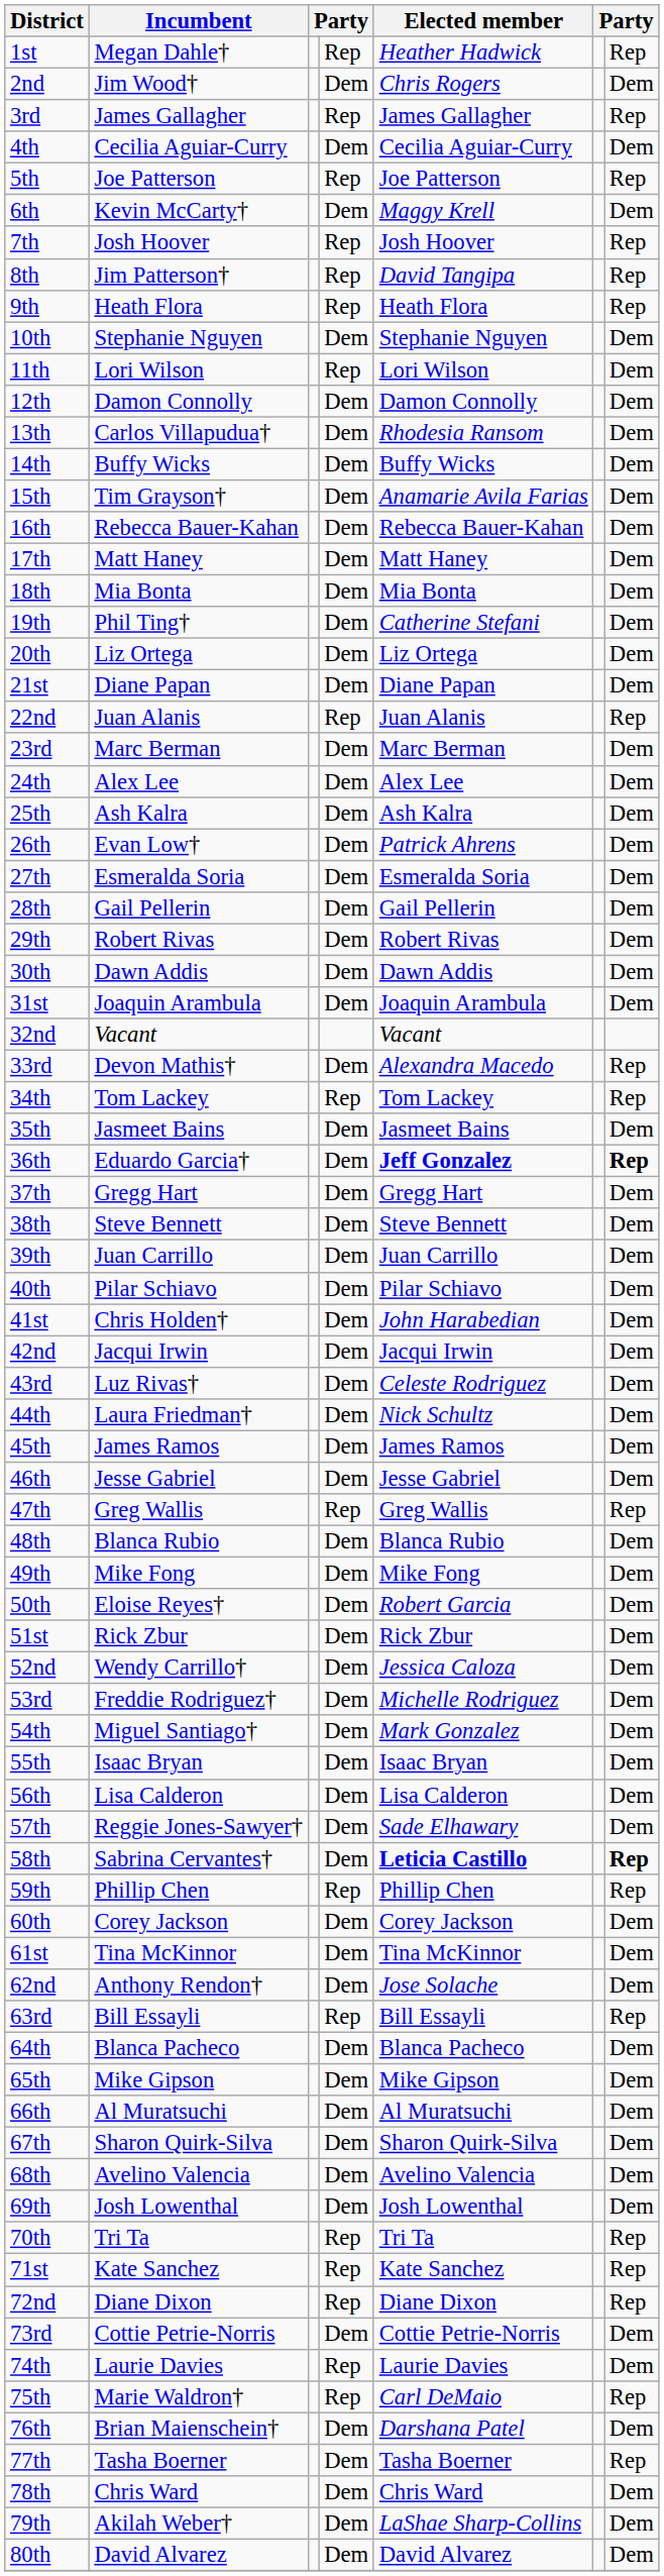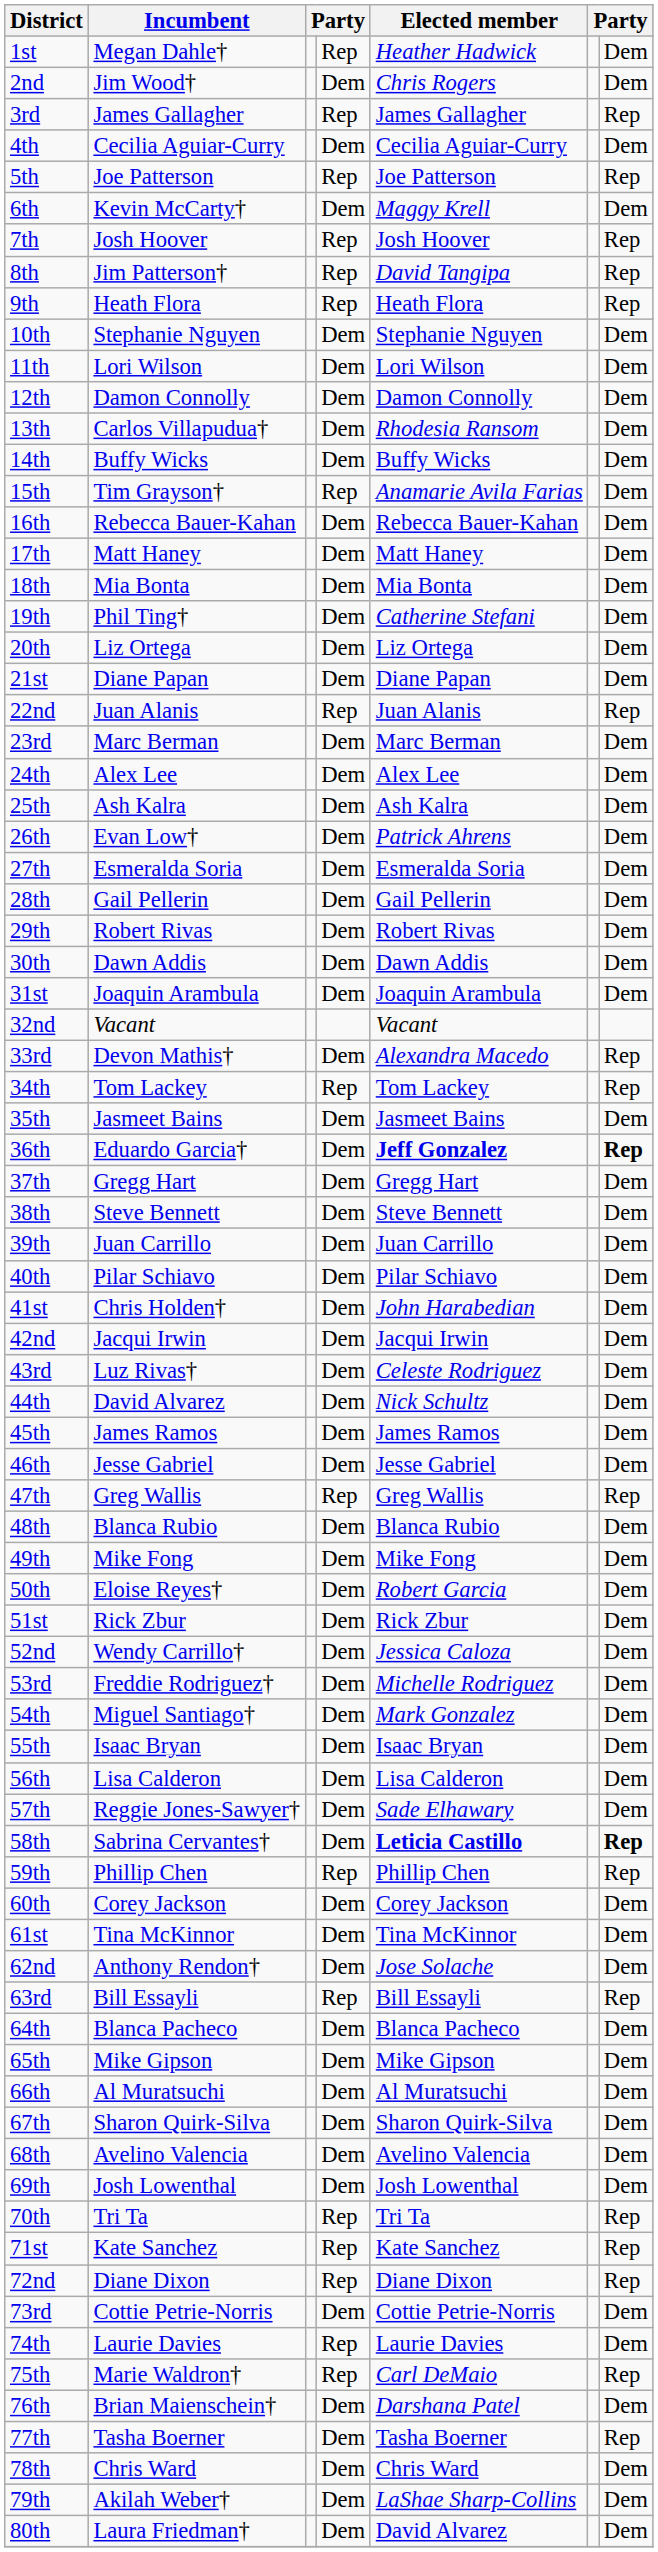 <table class="sortable wikitable" style="font-size:95%;line-height:14px;">
 <tr>
 <th>District</th>
 <th class="unsortable"><a href='#'>Incumbent</a></th>
 <th colspan="2">Party</th>
 <th class="unsortable">Elected member</th>
 <th colspan="2">Party</th>
 </tr>
 <tr>
 <td><a href='#'>1st</a></td>
 <td><a href='#'>Megan Dahle</a>†</td>
 <td style="background:"></td>
 <td>Rep</td>
 <td><em><a href='#'>Heather Hadwick</a></em></td>
 <td style="background:"></td>
-<td>Rep</td>
+<td>Dem</td>
 </tr>
 <tr>
 <td><a href='#'>2nd</a></td>
 <td><a href='#'>Jim Wood</a>†</td>
 <td style="background:"></td>
 <td>Dem</td>
 <td><em><a href='#'>Chris Rogers</a></em></td>
 <td style="background:"></td>
 <td>Dem</td>
 </tr>
 <tr>
 <td><a href='#'>3rd</a></td>
 <td><a href='#'>James Gallagher</a></td>
 <td style="background:"></td>
 <td>Rep</td>
 <td><a href='#'>James Gallagher</a></td>
 <td style="background:"></td>
 <td>Rep</td>
 </tr>
 <tr>
 <td><a href='#'>4th</a></td>
 <td><a href='#'>Cecilia Aguiar-Curry</a></td>
 <td style="background:"></td>
 <td>Dem</td>
 <td><a href='#'>Cecilia Aguiar-Curry</a></td>
 <td style="background:"></td>
 <td>Dem</td>
 </tr>
 <tr>
 <td><a href='#'>5th</a></td>
 <td><a href='#'>Joe Patterson</a></td>
 <td style="background:"></td>
 <td>Rep</td>
 <td><a href='#'>Joe Patterson</a></td>
 <td style="background:"></td>
 <td>Rep</td>
 </tr>
 <tr>
 <td><a href='#'>6th</a></td>
 <td><a href='#'>Kevin McCarty</a>†</td>
 <td style="background:"></td>
 <td>Dem</td>
 <td><em><a href='#'>Maggy Krell</a></em></td>
 <td style="background:"></td>
 <td>Dem</td>
 </tr>
 <tr>
 <td><a href='#'>7th</a></td>
 <td><a href='#'>Josh Hoover</a></td>
 <td style="background:"></td>
 <td>Rep</td>
 <td><a href='#'>Josh Hoover</a></td>
 <td style="background:"></td>
 <td>Rep</td>
 </tr>
 <tr>
 <td><a href='#'>8th</a></td>
 <td><a href='#'>Jim Patterson</a>†</td>
 <td style="background:"></td>
 <td>Rep</td>
 <td><em><a href='#'>David Tangipa</a></em></td>
 <td style="background:"></td>
 <td>Rep</td>
 </tr>
 <tr>
 <td><a href='#'>9th</a></td>
 <td><a href='#'>Heath Flora</a></td>
 <td style="background:"></td>
 <td>Rep</td>
 <td><a href='#'>Heath Flora</a></td>
 <td style="background:"></td>
 <td>Rep</td>
 </tr>
 <tr>
 <td><a href='#'>10th</a></td>
 <td><a href='#'>Stephanie Nguyen</a></td>
 <td style="background:"></td>
 <td>Dem</td>
 <td><a href='#'>Stephanie Nguyen</a></td>
 <td style="background:"></td>
 <td>Dem</td>
 </tr>
 <tr>
 <td><a href='#'>11th</a></td>
 <td><a href='#'>Lori Wilson</a></td>
 <td style="background:"></td>
-<td>Rep</td>
+<td>Dem</td>
 <td><a href='#'>Lori Wilson</a></td>
 <td style="background:"></td>
 <td>Dem</td>
 </tr>
 <tr>
 <td><a href='#'>12th</a></td>
 <td><a href='#'>Damon Connolly</a></td>
 <td style="background:"></td>
 <td>Dem</td>
 <td><a href='#'>Damon Connolly</a></td>
 <td style="background:"></td>
 <td>Dem</td>
 </tr>
 <tr>
 <td><a href='#'>13th</a></td>
 <td><a href='#'>Carlos Villapudua</a>†</td>
 <td style="background:"></td>
 <td>Dem</td>
 <td><em><a href='#'>Rhodesia Ransom</a></em></td>
 <td style="background:"></td>
 <td>Dem</td>
 </tr>
 <tr>
 <td><a href='#'>14th</a></td>
 <td><a href='#'>Buffy Wicks</a></td>
 <td style="background:"></td>
 <td>Dem</td>
 <td><a href='#'>Buffy Wicks</a></td>
 <td style="background:"></td>
 <td>Dem</td>
 </tr>
 <tr>
 <td><a href='#'>15th</a></td>
 <td><a href='#'>Tim Grayson</a>†</td>
 <td style="background:"></td>
-<td>Dem</td>
+<td>Rep</td>
 <td><em><a href='#'>Anamarie Avila Farias</a></em></td>
 <td style="background:"></td>
 <td>Dem</td>
 </tr>
 <tr>
 <td><a href='#'>16th</a></td>
 <td><a href='#'>Rebecca Bauer-Kahan</a></td>
 <td style="background:"></td>
 <td>Dem</td>
 <td><a href='#'>Rebecca Bauer-Kahan</a></td>
 <td style="background:"></td>
 <td>Dem</td>
 </tr>
 <tr>
 <td><a href='#'>17th</a></td>
 <td><a href='#'>Matt Haney</a></td>
 <td style="background:"></td>
 <td>Dem</td>
 <td><a href='#'>Matt Haney</a></td>
 <td style="background:"></td>
 <td>Dem</td>
 </tr>
 <tr>
 <td><a href='#'>18th</a></td>
 <td><a href='#'>Mia Bonta</a></td>
 <td style="background:"></td>
 <td>Dem</td>
 <td><a href='#'>Mia Bonta</a></td>
 <td style="background:"></td>
 <td>Dem</td>
 </tr>
 <tr>
 <td><a href='#'>19th</a></td>
 <td><a href='#'>Phil Ting</a>†</td>
 <td style="background:"></td>
 <td>Dem</td>
 <td><em><a href='#'>Catherine Stefani</a></em></td>
 <td style="background:"></td>
 <td>Dem</td>
 </tr>
 <tr>
 <td><a href='#'>20th</a></td>
 <td><a href='#'>Liz Ortega</a></td>
 <td style="background:"></td>
 <td>Dem</td>
 <td><a href='#'>Liz Ortega</a></td>
 <td style="background:"></td>
 <td>Dem</td>
 </tr>
 <tr>
 <td><a href='#'>21st</a></td>
 <td><a href='#'>Diane Papan</a></td>
 <td style="background:"></td>
 <td>Dem</td>
 <td><a href='#'>Diane Papan</a></td>
 <td style="background:"></td>
 <td>Dem</td>
 </tr>
 <tr>
 <td><a href='#'>22nd</a></td>
 <td><a href='#'>Juan Alanis</a></td>
 <td style="background:"></td>
 <td>Rep</td>
 <td><a href='#'>Juan Alanis</a></td>
 <td style="background:"></td>
 <td>Rep</td>
 </tr>
 <tr>
 <td><a href='#'>23rd</a></td>
 <td><a href='#'>Marc Berman</a></td>
 <td style="background:"></td>
 <td>Dem</td>
 <td><a href='#'>Marc Berman</a></td>
 <td style="background:"></td>
 <td>Dem</td>
 </tr>
 <tr>
 <td><a href='#'>24th</a></td>
 <td><a href='#'>Alex Lee</a></td>
 <td style="background:"></td>
 <td>Dem</td>
 <td><a href='#'>Alex Lee</a></td>
 <td style="background:"></td>
 <td>Dem</td>
 </tr>
 <tr>
 <td><a href='#'>25th</a></td>
 <td><a href='#'>Ash Kalra</a></td>
 <td style="background:"></td>
 <td>Dem</td>
 <td><a href='#'>Ash Kalra</a></td>
 <td style="background:"></td>
 <td>Dem</td>
 </tr>
 <tr>
 <td><a href='#'>26th</a></td>
 <td><a href='#'>Evan Low</a>†</td>
 <td style="background:"></td>
 <td>Dem</td>
 <td><em><a href='#'>Patrick Ahrens</a></em></td>
 <td style="background:"></td>
 <td>Dem</td>
 </tr>
 <tr>
 <td><a href='#'>27th</a></td>
 <td><a href='#'>Esmeralda Soria</a></td>
 <td style="background:"></td>
 <td>Dem</td>
 <td><a href='#'>Esmeralda Soria</a></td>
 <td style="background:"></td>
 <td>Dem</td>
 </tr>
 <tr>
 <td><a href='#'>28th</a></td>
 <td><a href='#'>Gail Pellerin</a></td>
 <td style="background:"></td>
 <td>Dem</td>
 <td><a href='#'>Gail Pellerin</a></td>
 <td style="background:"></td>
 <td>Dem</td>
 </tr>
 <tr>
 <td><a href='#'>29th</a></td>
 <td><a href='#'>Robert Rivas</a></td>
 <td style="background:"></td>
 <td>Dem</td>
 <td><a href='#'>Robert Rivas</a></td>
 <td style="background:"></td>
 <td>Dem</td>
 </tr>
 <tr>
 <td><a href='#'>30th</a></td>
 <td><a href='#'>Dawn Addis</a></td>
 <td style="background:"></td>
 <td>Dem</td>
 <td><a href='#'>Dawn Addis</a></td>
 <td style="background:"></td>
 <td>Dem</td>
 </tr>
 <tr>
 <td><a href='#'>31st</a></td>
 <td><a href='#'>Joaquin Arambula</a></td>
 <td style="background:"></td>
 <td>Dem</td>
 <td><a href='#'>Joaquin Arambula</a></td>
 <td style="background:"></td>
 <td>Dem</td>
 </tr>
 <tr>
 <td><a href='#'>32nd</a></td>
 <td><em>Vacant</em></td>
 <td style="background:"></td>
 <td></td>
 <td><em>Vacant</em></td>
 <td></td>
 <td></td>
 </tr>
 <tr>
 <td><a href='#'>33rd</a></td>
 <td><a href='#'>Devon Mathis</a>†</td>
 <td style="background:"></td>
 <td>Dem</td>
 <td><em><a href='#'>Alexandra Macedo</a></em></td>
 <td style="background:"></td>
 <td>Rep</td>
 </tr>
 <tr>
 <td><a href='#'>34th</a></td>
 <td><a href='#'>Tom Lackey</a></td>
 <td style="background:"></td>
 <td>Rep</td>
 <td><a href='#'>Tom Lackey</a></td>
 <td style="background:"></td>
 <td>Rep</td>
 </tr>
 <tr>
 <td><a href='#'>35th</a></td>
 <td><a href='#'>Jasmeet Bains</a></td>
 <td style="background:"></td>
 <td>Dem</td>
 <td><a href='#'>Jasmeet Bains</a></td>
 <td style="background:"></td>
 <td>Dem</td>
 </tr>
 <tr>
 <td><a href='#'>36th</a></td>
 <td><a href='#'>Eduardo Garcia</a>†</td>
 <td style="background:"></td>
 <td>Dem</td>
 <td><strong><a href='#'>Jeff Gonzalez</a></strong></td>
 <td style="background:"></td>
 <td><strong>Rep</strong></td>
 </tr>
 <tr>
 <td><a href='#'>37th</a></td>
 <td><a href='#'>Gregg Hart</a></td>
 <td style="background:"></td>
 <td>Dem</td>
 <td><a href='#'>Gregg Hart</a></td>
 <td style="background:"></td>
 <td>Dem</td>
 </tr>
 <tr>
 <td><a href='#'>38th</a></td>
 <td><a href='#'>Steve Bennett</a></td>
 <td style="background:"></td>
 <td>Dem</td>
 <td><a href='#'>Steve Bennett</a></td>
 <td style="background:"></td>
 <td>Dem</td>
 </tr>
 <tr>
 <td><a href='#'>39th</a></td>
 <td><a href='#'>Juan Carrillo</a></td>
 <td style="background:"></td>
 <td>Dem</td>
 <td><a href='#'>Juan Carrillo</a></td>
 <td style="background:"></td>
 <td>Dem</td>
 </tr>
 <tr>
 <td><a href='#'>40th</a></td>
 <td><a href='#'>Pilar Schiavo</a></td>
 <td style="background:"></td>
 <td>Dem</td>
 <td><a href='#'>Pilar Schiavo</a></td>
 <td style="background:"></td>
 <td>Dem</td>
 </tr>
 <tr>
 <td><a href='#'>41st</a></td>
 <td><a href='#'>Chris Holden</a>†</td>
 <td style="background:"></td>
 <td>Dem</td>
 <td><em><a href='#'>John Harabedian</a></em></td>
 <td style="background:"></td>
 <td>Dem</td>
 </tr>
 <tr>
 <td><a href='#'>42nd</a></td>
 <td><a href='#'>Jacqui Irwin</a></td>
 <td style="background:"></td>
 <td>Dem</td>
 <td><a href='#'>Jacqui Irwin</a></td>
 <td style="background:"></td>
 <td>Dem</td>
 </tr>
 <tr>
 <td><a href='#'>43rd</a></td>
 <td><a href='#'>Luz Rivas</a>†</td>
 <td style="background:"></td>
 <td>Dem</td>
 <td><em><a href='#'>Celeste Rodriguez</a></em></td>
 <td style="background:"></td>
 <td>Dem</td>
 </tr>
 <tr>
 <td><a href='#'>44th</a></td>
-<td><a href='#'>Laura Friedman</a>†</td>
+<td><a href='#'>David Alvarez</a></td>
 <td style="background:"></td>
 <td>Dem</td>
 <td><a href='#'><em>Nick Schultz</em></a></td>
 <td style="background:"></td>
 <td>Dem</td>
 </tr>
 <tr>
 <td><a href='#'>45th</a></td>
 <td><a href='#'>James Ramos</a></td>
 <td style="background:"></td>
 <td>Dem</td>
 <td><a href='#'>James Ramos</a></td>
 <td style="background:"></td>
 <td>Dem</td>
 </tr>
 <tr>
 <td><a href='#'>46th</a></td>
 <td><a href='#'>Jesse Gabriel</a></td>
 <td style="background:"></td>
 <td>Dem</td>
 <td><a href='#'>Jesse Gabriel</a></td>
 <td style="background:"></td>
 <td>Dem</td>
 </tr>
 <tr>
 <td><a href='#'>47th</a></td>
 <td><a href='#'>Greg Wallis</a></td>
 <td style="background:"></td>
 <td>Rep</td>
 <td><a href='#'>Greg Wallis</a></td>
 <td style="background:"></td>
 <td>Rep</td>
 </tr>
 <tr>
 <td><a href='#'>48th</a></td>
 <td><a href='#'>Blanca Rubio</a></td>
 <td style="background:"></td>
 <td>Dem</td>
 <td><a href='#'>Blanca Rubio</a></td>
 <td style="background:"></td>
 <td>Dem</td>
 </tr>
 <tr>
 <td><a href='#'>49th</a></td>
 <td><a href='#'>Mike Fong</a></td>
 <td style="background:"></td>
 <td>Dem</td>
 <td><a href='#'>Mike Fong</a></td>
 <td style="background:"></td>
 <td>Dem</td>
 </tr>
 <tr>
 <td><a href='#'>50th</a></td>
 <td><a href='#'>Eloise Reyes</a>†</td>
 <td style="background:"></td>
 <td>Dem</td>
 <td><a href='#'><em>Robert Garcia</em></a></td>
 <td style="background:"></td>
 <td>Dem</td>
 </tr>
 <tr>
 <td><a href='#'>51st</a></td>
 <td><a href='#'>Rick Zbur</a></td>
 <td style="background:"></td>
 <td>Dem</td>
 <td><a href='#'>Rick Zbur</a></td>
 <td style="background:"></td>
 <td>Dem</td>
 </tr>
 <tr>
 <td><a href='#'>52nd</a></td>
 <td><a href='#'>Wendy Carrillo</a>†</td>
 <td style="background:"></td>
 <td>Dem</td>
 <td><em><a href='#'>Jessica Caloza</a></em></td>
 <td style="background:"></td>
 <td>Dem</td>
 </tr>
 <tr>
 <td><a href='#'>53rd</a></td>
 <td><a href='#'>Freddie Rodriguez</a>†</td>
 <td style="background:"></td>
 <td>Dem</td>
 <td><a href='#'><em>Michelle Rodriguez</em></a></td>
 <td style="background:"></td>
 <td>Dem</td>
 </tr>
 <tr>
 <td><a href='#'>54th</a></td>
 <td><a href='#'>Miguel Santiago</a>†</td>
 <td style="background:"></td>
 <td>Dem</td>
 <td><em><a href='#'>Mark Gonzalez</a></em></td>
 <td style="background:"></td>
 <td>Dem</td>
 </tr>
 <tr>
 <td><a href='#'>55th</a></td>
 <td><a href='#'>Isaac Bryan</a></td>
 <td style="background:"></td>
 <td>Dem</td>
 <td><a href='#'>Isaac Bryan</a></td>
 <td style="background:"></td>
 <td>Dem</td>
 </tr>
 <tr>
 <td><a href='#'>56th</a></td>
 <td><a href='#'>Lisa Calderon</a></td>
 <td style="background:"></td>
 <td>Dem</td>
 <td><a href='#'>Lisa Calderon</a></td>
 <td style="background:"></td>
 <td>Dem</td>
 </tr>
 <tr>
 <td><a href='#'>57th</a></td>
 <td><a href='#'>Reggie Jones-Sawyer</a>†</td>
 <td style="background:"></td>
 <td>Dem</td>
 <td><em><a href='#'>Sade Elhawary</a></em></td>
 <td style="background:"></td>
 <td>Dem</td>
 </tr>
 <tr>
 <td><a href='#'>58th</a></td>
 <td><a href='#'>Sabrina Cervantes</a>†</td>
 <td style="background:"></td>
 <td>Dem</td>
 <td><strong><a href='#'>Leticia Castillo</a></strong></td>
 <td style="background:"></td>
 <td><strong>Rep</strong></td>
 </tr>
 <tr>
 <td><a href='#'>59th</a></td>
 <td><a href='#'>Phillip Chen</a></td>
 <td style="background:"></td>
 <td>Rep</td>
 <td><a href='#'>Phillip Chen</a></td>
 <td style="background:"></td>
 <td>Rep</td>
 </tr>
 <tr>
 <td><a href='#'>60th</a></td>
 <td><a href='#'>Corey Jackson</a></td>
 <td style="background:"></td>
 <td>Dem</td>
 <td><a href='#'>Corey Jackson</a></td>
 <td style="background:"></td>
 <td>Dem</td>
 </tr>
 <tr>
 <td><a href='#'>61st</a></td>
 <td><a href='#'>Tina McKinnor</a></td>
 <td style="background:"></td>
 <td>Dem</td>
 <td><a href='#'>Tina McKinnor</a></td>
 <td style="background:"></td>
 <td>Dem</td>
 </tr>
 <tr>
 <td><a href='#'>62nd</a></td>
 <td><a href='#'>Anthony Rendon</a>†</td>
 <td style="background:"></td>
 <td>Dem</td>
 <td><em><a href='#'>Jose Solache</a></em></td>
 <td style="background:"></td>
 <td>Dem</td>
 </tr>
 <tr>
 <td><a href='#'>63rd</a></td>
 <td><a href='#'>Bill Essayli</a></td>
 <td style="background:"></td>
 <td>Rep</td>
 <td><a href='#'>Bill Essayli</a></td>
 <td style="background:"></td>
 <td>Rep</td>
 </tr>
 <tr>
 <td><a href='#'>64th</a></td>
 <td><a href='#'>Blanca Pacheco</a></td>
 <td style="background:"></td>
 <td>Dem</td>
 <td><a href='#'>Blanca Pacheco</a></td>
 <td style="background:"></td>
 <td>Dem</td>
 </tr>
 <tr>
 <td><a href='#'>65th</a></td>
 <td><a href='#'>Mike Gipson</a></td>
 <td style="background:"></td>
 <td>Dem</td>
 <td><a href='#'>Mike Gipson</a></td>
 <td style="background:"></td>
 <td>Dem</td>
 </tr>
 <tr>
 <td><a href='#'>66th</a></td>
 <td><a href='#'>Al Muratsuchi</a></td>
 <td style="background:"></td>
 <td>Dem</td>
 <td><a href='#'>Al Muratsuchi</a></td>
 <td style="background:"></td>
 <td>Dem</td>
 </tr>
 <tr>
 <td><a href='#'>67th</a></td>
 <td><a href='#'>Sharon Quirk-Silva</a></td>
 <td style="background:"></td>
 <td>Dem</td>
 <td><a href='#'>Sharon Quirk-Silva</a></td>
 <td style="background:"></td>
 <td>Dem</td>
 </tr>
 <tr>
 <td><a href='#'>68th</a></td>
 <td><a href='#'>Avelino Valencia</a></td>
 <td style="background:"></td>
 <td>Dem</td>
 <td><a href='#'>Avelino Valencia</a></td>
 <td style="background:"></td>
 <td>Dem</td>
 </tr>
 <tr>
 <td><a href='#'>69th</a></td>
 <td><a href='#'>Josh Lowenthal</a></td>
 <td style="background:"></td>
 <td>Dem</td>
 <td><a href='#'>Josh Lowenthal</a></td>
 <td style="background:"></td>
 <td>Dem</td>
 </tr>
 <tr>
 <td><a href='#'>70th</a></td>
 <td><a href='#'>Tri Ta</a></td>
 <td style="background:"></td>
 <td>Rep</td>
 <td><a href='#'>Tri Ta</a></td>
 <td style="background:"></td>
 <td>Rep</td>
 </tr>
 <tr>
 <td><a href='#'>71st</a></td>
 <td><a href='#'>Kate Sanchez</a></td>
 <td style="background:"></td>
 <td>Rep</td>
 <td><a href='#'>Kate Sanchez</a></td>
 <td style="background:"></td>
 <td>Rep</td>
 </tr>
 <tr>
 <td><a href='#'>72nd</a></td>
 <td><a href='#'>Diane Dixon</a></td>
 <td style="background:"></td>
 <td>Rep</td>
 <td><a href='#'>Diane Dixon</a></td>
 <td style="background:"></td>
 <td>Rep</td>
 </tr>
 <tr>
 <td><a href='#'>73rd</a></td>
 <td><a href='#'>Cottie Petrie-Norris</a></td>
 <td style="background:"></td>
 <td>Dem</td>
 <td><a href='#'>Cottie Petrie-Norris</a></td>
 <td style="background:"></td>
 <td>Dem</td>
 </tr>
 <tr>
 <td><a href='#'>74th</a></td>
 <td><a href='#'>Laurie Davies</a></td>
 <td style="background:"></td>
 <td>Rep</td>
 <td><a href='#'>Laurie Davies</a></td>
 <td style="background:"></td>
 <td>Dem</td>
 </tr>
 <tr>
 <td><a href='#'>75th</a></td>
 <td><a href='#'>Marie Waldron</a>†</td>
 <td style="background:"></td>
 <td>Rep</td>
 <td><em><a href='#'>Carl DeMaio</a></em></td>
 <td style="background:"></td>
 <td>Rep</td>
 </tr>
 <tr>
 <td><a href='#'>76th</a></td>
 <td><a href='#'>Brian Maienschein</a>†</td>
 <td style="background:"></td>
 <td>Dem</td>
 <td><em><a href='#'>Darshana Patel</a></em></td>
 <td style="background:"></td>
 <td>Dem</td>
 </tr>
 <tr>
 <td><a href='#'>77th</a></td>
 <td><a href='#'>Tasha Boerner</a></td>
 <td style="background:"></td>
 <td>Dem</td>
 <td><a href='#'>Tasha Boerner</a></td>
 <td style="background:"></td>
 <td>Rep</td>
 </tr>
 <tr>
 <td><a href='#'>78th</a></td>
 <td><a href='#'>Chris Ward</a></td>
 <td style="background:"></td>
 <td>Dem</td>
 <td><a href='#'>Chris Ward</a></td>
 <td style="background:"></td>
 <td>Dem</td>
 </tr>
 <tr>
 <td><a href='#'>79th</a></td>
 <td><a href='#'>Akilah Weber</a>†</td>
 <td style="background:"></td>
 <td>Dem</td>
 <td><em><a href='#'>LaShae Sharp-Collins</a></em></td>
 <td style="background:"></td>
 <td>Dem</td>
 </tr>
 <tr>
 <td><a href='#'>80th</a></td>
-<td><a href='#'>David Alvarez</a></td>
+<td><a href='#'>Laura Friedman</a>†</td>
 <td style="background:"></td>
 <td>Dem</td>
 <td><a href='#'>David Alvarez</a></td>
 <td style="background:"></td>
 <td>Dem</td>
 </tr>
 <tr>
 </tr>
 </table>
